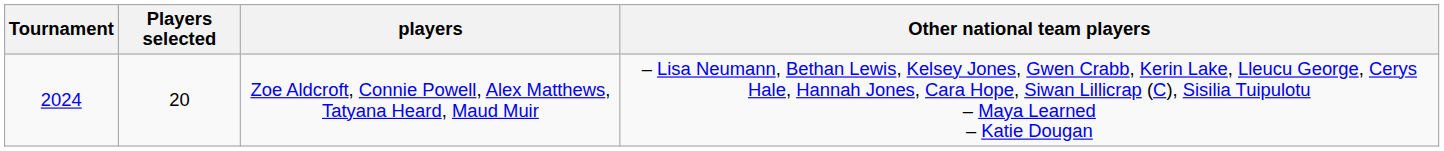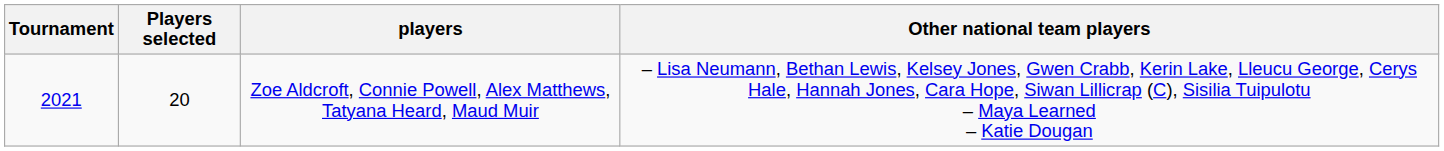 <table class="wikitable sortable" style="text-align:center">
 <tr>
 <th>Tournament</th>
 <th>Players selected</th>
 <th> players</th>
 <th>Other national team players</th>
 </tr>
 <tr>
-<td><a href='#'>2024</a></td>
+<td><a href='#'>2021</a></td>
 <td>20</td>
 <td><a href='#'>Zoe Aldcroft</a>, <a href='#'>Connie Powell</a>, <a href='#'>Alex Matthews</a>, <a href='#'>Tatyana Heard</a>, <a href='#'>Maud Muir</a></td>
 <td> – <a href='#'>Lisa Neumann</a>, <a href='#'>Bethan Lewis</a>, <a href='#'>Kelsey Jones</a>, <a href='#'>Gwen Crabb</a>, <a href='#'>Kerin Lake</a>, <a href='#'>Lleucu George</a>, <a href='#'>Cerys Hale</a>, <a href='#'>Hannah Jones</a>, <a href='#'>Cara Hope</a>, <a href='#'>Siwan Lillicrap</a> (<a href='#'>C</a>), <a href='#'>Sisilia Tuipulotu</a><br>  – <a href='#'>Maya Learned</a><br>  – <a href='#'>Katie Dougan</a><br></td>
 </tr>
 </table>
